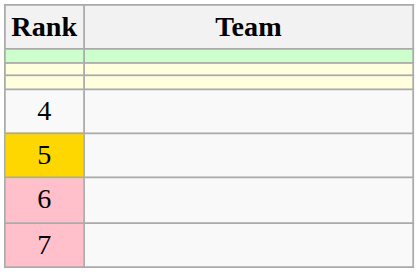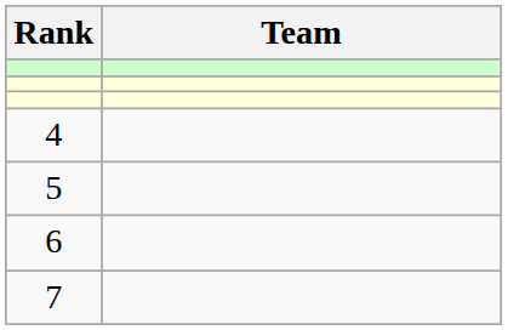 <table class=wikitable style="text-align:center;">
 <tr>
 <th>Rank</th>
 <th width=180>Team</th>
 </tr>
 <tr bgcolor=ccffcc>
 <td></td>
 <td align=left></td>
 </tr>
 <tr bgcolor=#ffffdd>
 <td></td>
 <td align=left></td>
 </tr>
 <tr bgcolor=#ffffdd>
 <td></td>
 <td align=left></td>
 </tr>
 <tr>
 <td>4</td>
 <td align=left></td>
 </tr>
 <tr>
-<td style="background: gold;">5</td>
+<td>5</td>
 <td align=left></td>
 </tr>
 <tr>
-<td style="background: pink;">6</td>
+<td>6</td>
 <td align=left></td>
 </tr>
 <tr>
-<td style="background: pink;">7</td>
+<td>7</td>
 <td align=left></td>
 </tr>
 </table>
